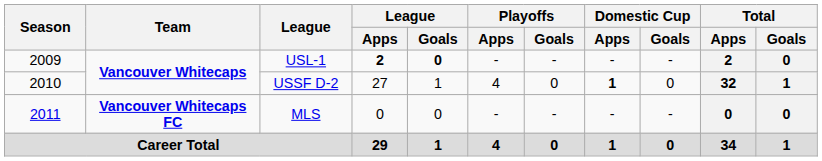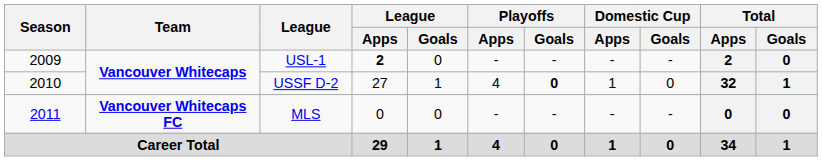 <table class="wikitable" style=font-size:90% text-align: center width=65%>
 <tr>
 <th rowspan=2 width=7%><strong>Season</strong></th>
 <th rowspan=2 width=15%><strong>Team</strong></th>
 <th rowspan=2 width=8%><strong>League</strong></th>
 <th colspan=2 width=8%>League</th>
 <th colspan=2 width=8%>Playoffs</th>
 <th colspan=2 width=8%>Domestic Cup</th>
 <th colspan=2 width=8%>Total</th>
 </tr>
 <tr>
 <th align=center><strong>Apps</strong></th>
 <th align=center><strong>Goals</strong></th>
 <th align=center><strong>Apps</strong></th>
 <th align=center><strong>Goals</strong></th>
 <th align=center><strong>Apps</strong></th>
 <th align=center><strong>Goals</strong></th>
 <th align=center><strong>Apps</strong></th>
 <th align=center><strong>Goals</strong></th>
 </tr>
 <tr>
 <td rowspan=1 align=center>2009</td>
 <td rowspan=2 align=center><strong><a href='#'>Vancouver Whitecaps</a></strong></td>
 <td rowspan=1 align=center><a href='#'>USL-1</a></td>
 <td align=center><strong>2</strong></td>
-<td align=center><strong>0</strong></td>
+<td align=center>0</td>
 <td align=center>-</td>
 <td align=center>-</td>
 <td align=center>-</td>
 <td align=center>-</td>
 <th align=center><strong>2</strong></th>
 <th align=center><strong>0</strong></th>
 </tr>
 <tr>
 <td rowspan=1 align=center>2010</td>
 <td rowspan=1 align=center><a href='#'>USSF D-2</a></td>
 <td align=center>27</td>
 <td align=center>1</td>
 <td align=center>4</td>
-<td align=center>0</td>
-<td align=center><strong>1</strong></td>
+<td align=center><strong>0</strong></td>
+<td align=center>1</td>
 <td align=center>0</td>
 <th align=center><strong>32</strong></th>
 <th align=center><strong>1</strong></th>
 </tr>
 <tr>
 <td rowspan=1 align=center><a href='#'>2011</a></td>
 <td rowspan=1 align=center><strong><a href='#'>Vancouver Whitecaps FC</a></strong></td>
 <td rowspan=1 align=center><a href='#'>MLS</a></td>
 <td align=center>0</td>
 <td align=center>0</td>
 <td align=center>-</td>
 <td align=center>-</td>
 <td align=center>-</td>
 <td align=center>-</td>
 <th align=center><strong>0</strong></th>
 <th align=center><strong>0</strong></th>
 </tr>
 <tr>
 <th style="background: #DCDCDC" colspan="3"><strong>Career Total</strong></th>
 <th style="background: #DCDCDC" align=center><strong>29</strong></th>
 <th style="background: #DCDCDC" align=center><strong>1</strong></th>
 <th style="background: #DCDCDC" align=center><strong>4</strong></th>
 <th style="background: #DCDCDC" align=center><strong>0</strong></th>
 <th style="background: #DCDCDC" align=center><strong>1</strong></th>
 <th style="background: #DCDCDC" align=center><strong>0</strong></th>
 <th style="background: #DCDCDC" align=center><strong>34</strong></th>
 <th style="background: #DCDCDC" align=center><strong>1</strong></th>
 </tr>
 </table>
